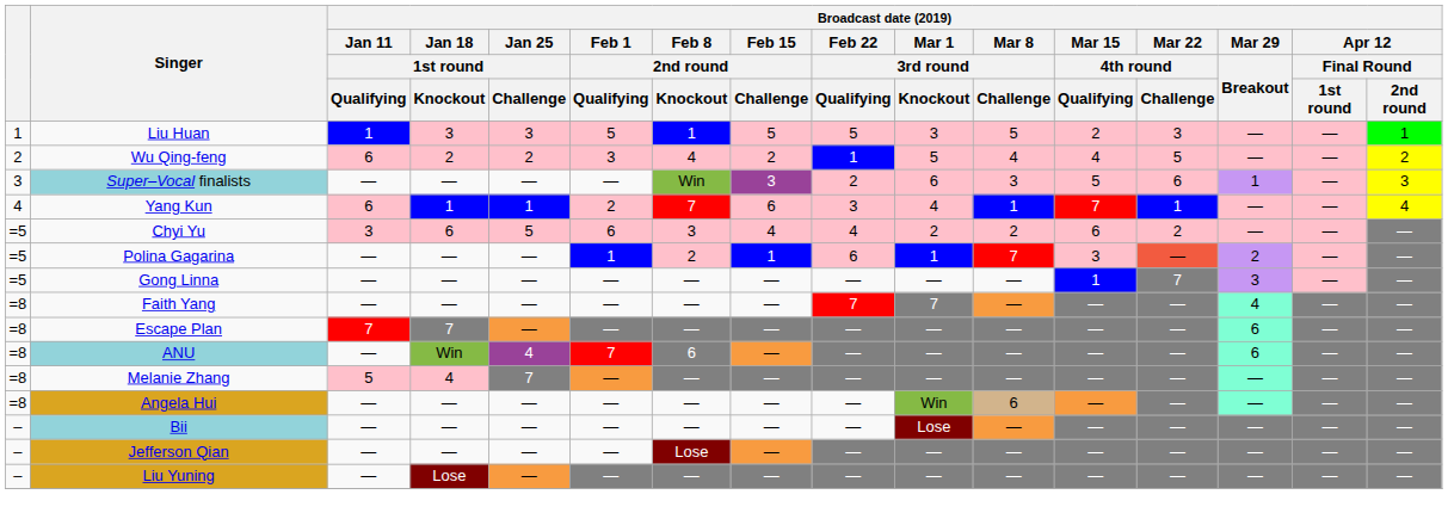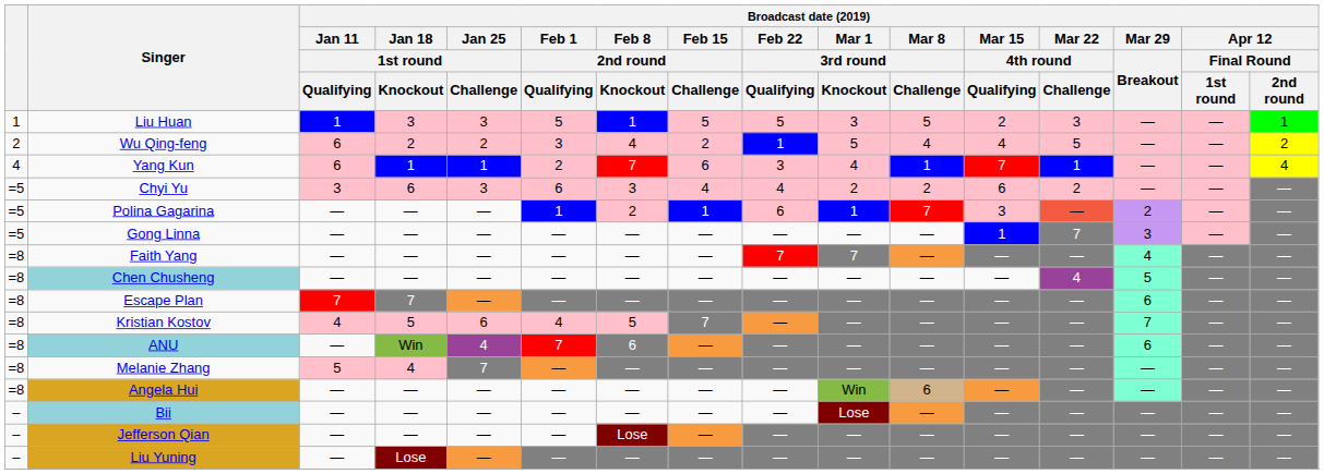 <table class="wikitable" style="text-align:center; font-size:100%">
 <tr>
 <th rowspan="4" width="2"></th>
 <th rowspan="4" width="300" class="unsortable">Singer</th>
 <th colspan="14"><small>Broadcast date (2019)</small></th>
 </tr>
 <tr>
 <th>Jan 11</th>
 <th>Jan 18</th>
 <th>Jan 25</th>
 <th>Feb 1</th>
 <th>Feb 8</th>
 <th>Feb 15</th>
 <th>Feb 22</th>
 <th>Mar 1</th>
 <th>Mar 8</th>
 <th>Mar 15</th>
 <th>Mar 22</th>
 <th>Mar 29</th>
 <th colspan="2">Apr 12</th>
 </tr>
 <tr>
 <th colspan="3">1st round</th>
 <th colspan="3">2nd round</th>
 <th colspan="3">3rd round</th>
 <th colspan="2">4th round</th>
 <th rowspan="2">Breakout</th>
 <th colspan="2">Final Round</th>
 </tr>
 <tr>
 <th width="70" data-sort-type="text">Qualifying</th>
 <th width="70" data-sort-type="text">Knockout</th>
 <th width="70" data-sort-type="text">Challenge</th>
 <th width="70" data-sort-type="text">Qualifying</th>
 <th width="70" data-sort-type="text">Knockout</th>
 <th width="70" data-sort-type="text">Challenge</th>
 <th width="70" data-sort-type="text">Qualifying</th>
 <th width="70" data-sort-type="text">Knockout</th>
 <th width="70" data-sort-type="text">Challenge</th>
 <th width="70" data-sort-type="text">Qualifying</th>
 <th width="70" data-sort-type="text">Challenge</th>
 <th width="70" data-sort-type="text">1st round</th>
 <th width="70" data-sort-type="text">2nd round</th>
 </tr>
 <tr>
 <td>1</td>
 <td><a href='#'>Liu Huan</a></td>
 <td style="background:blue;color:white">1</td>
 <td style="background:pink">3</td>
 <td style="background:pink">3</td>
 <td style="background:pink">5</td>
 <td style="background:blue;color:white">1</td>
 <td style="background:pink">5</td>
 <td style="background:pink">5</td>
 <td style="background:pink">3</td>
 <td style="background:pink">5</td>
 <td style="background:pink">2</td>
 <td style="background:pink">3</td>
 <td style="background:pink">—</td>
 <td style="background:pink">—</td>
 <td style="background:lime;">1 </td>
 </tr>
 <tr>
 <td>2</td>
 <td><a href='#'>Wu Qing-feng</a></td>
 <td style="background:pink">6</td>
 <td style="background:pink">2</td>
 <td style="background:pink">2</td>
 <td style="background:pink">3</td>
 <td style="background:pink">4</td>
 <td style="background:pink">2</td>
 <td style="background:blue; color:white">1</td>
 <td style="background:pink">5</td>
 <td style="background:pink">4</td>
 <td style="background:pink">4</td>
 <td style="background:pink">5</td>
 <td style="background:pink">—</td>
 <td style="background:pink">—</td>
 <td style="background:yellow;">2 </td>
 </tr>
 <tr>
-<td>3</td>
-<td style="background:#92D3DA"><em><a href='#'>Super–Vocal</a></em> finalists</td>
-<td>—</td>
-<td>—</td>
-<td>—</td>
-<td>—</td>
-<td style="background:#85BA45;">Win</td>
-<td style="background:#994299; color:white">3</td>
-<td style="background:pink">2</td>
-<td style="background:pink">6</td>
-<td style="background:pink">3</td>
-<td style="background:pink">5</td>
-<td style="background:pink">6</td>
-<td style="background:#C697F3">1</td>
-<td style="background:pink">—</td>
-<td style="background:yellow">3 </td>
-</tr>
-<tr>
 <td>4</td>
 <td><a href='#'>Yang Kun</a></td>
 <td style="background:pink">6</td>
 <td style="background:blue; color:white">1</td>
 <td style="background:blue; color:white">1</td>
 <td style="background:pink">2</td>
 <td style="background:red; color:white">7</td>
 <td style="background:pink">6</td>
 <td style="background:pink">3</td>
 <td style="background:pink">4</td>
 <td style="background:blue; color:white">1</td>
 <td style="background:red; color:white">7</td>
 <td style="background:blue; color:white">1</td>
 <td style="background:pink">—</td>
 <td style="background:pink">—</td>
 <td style="background:yellow">4</td>
 </tr>
 <tr>
 <td>=5</td>
 <td><a href='#'>Chyi Yu</a></td>
 <td style="background:pink">3</td>
 <td style="background:pink">6</td>
-<td style="background:pink">5</td>
+<td style="background:pink">3</td>
 <td style="background:pink">6</td>
 <td style="background:pink">3</td>
 <td style="background:pink">4</td>
 <td style="background:pink">4</td>
 <td style="background:pink">2</td>
 <td style="background:pink">2</td>
 <td style="background:pink">6</td>
 <td style="background:pink">2</td>
 <td style="background:pink">—</td>
 <td style="background:pink;">—</td>
 <td style="background:grey; color:white">—</td>
 </tr>
 <tr>
 <td>=5</td>
 <td><a href='#'>Polina Gagarina</a></td>
 <td>—</td>
 <td>—</td>
 <td>—</td>
 <td style="background:blue; color:white">1</td>
 <td style="background:pink">2</td>
 <td style="background:blue; color:white">1</td>
 <td style="background:pink">6</td>
 <td style="background:blue; color:white">1</td>
 <td style="background:red; color:white">7</td>
 <td style="background:pink">3</td>
 <td style="background:#F25B40;">— </td>
 <td style="background:#C697F3;">2</td>
 <td style="background:pink;">—</td>
 <td style="background:grey; color:white">—</td>
 </tr>
 <tr>
 <td>=5</td>
 <td><a href='#'>Gong Linna</a></td>
 <td>—</td>
 <td>—</td>
 <td>—</td>
 <td>—</td>
 <td>—</td>
 <td>—</td>
 <td>—</td>
 <td>—</td>
 <td>—</td>
 <td style="background:blue; color:white">1</td>
 <td style="background:grey; color:white">7</td>
 <td style="background:#C697F3;">3</td>
 <td style="background:pink;">—</td>
 <td style="background:grey; color:white">—</td>
 </tr>
 <tr>
 <td>=8</td>
 <td><a href='#'>Faith Yang</a></td>
 <td>—</td>
 <td>—</td>
 <td>—</td>
 <td>—</td>
 <td>—</td>
 <td>—</td>
 <td style="background:red; color:white">7</td>
 <td style="background:grey; color:white">7</td>
 <td style="background:#F89B40;">—</td>
 <td style="background:grey; color:white">—</td>
 <td style="background:grey; color:white">—</td>
 <td style="background:#7FFFD4;">4</td>
 <td style="background:grey; color:white">—</td>
 <td style="background:grey; color:white">—</td>
 </tr>
 <tr>
 <td>=8</td>
+<td style="background:#92D3DA"><a href='#'>Chen Chusheng</a></td>
+<td>—</td>
+<td>—</td>
+<td>—</td>
+<td>—</td>
+<td>—</td>
+<td>—</td>
+<td>—</td>
+<td>—</td>
+<td>—</td>
+<td>—</td>
+<td style="background:#994299; color:white">4</td>
+<td style="background:#7FFFD4">5</td>
+<td style="background:grey; color:white">—</td>
+<td style="background:grey; color:white">—</td>
+</tr>
+<tr>
+<td>=8</td>
 <td><a href='#'>Escape Plan</a></td>
 <td style="background:red; color:white">7</td>
 <td style="background:grey; color:white">7</td>
 <td style="background:#F89B40">—</td>
 <td style="background:grey; color:white">—</td>
 <td style="background:grey; color:white">—</td>
 <td style="background:grey; color:white">—</td>
 <td style="background:grey; color:white">—</td>
 <td style="background:grey; color:white">—</td>
 <td style="background:grey; color:white">—</td>
 <td style="background:grey; color:white">—</td>
 <td style="background:grey; color:white">—</td>
 <td style="background:#7FFFD4">6</td>
+<td style="background:grey; color:white">—</td>
+<td style="background:grey; color:white">—</td>
+</tr>
+<tr>
+<td>=8</td>
+<td><a href='#'>Kristian Kostov</a></td>
+<td style="background:pink">4</td>
+<td style="background:pink">5</td>
+<td style="background:pink">6</td>
+<td style="background:pink">4</td>
+<td style="background:pink">5</td>
+<td style="background:grey; color:white">7</td>
+<td style="background:#F89B40">—</td>
+<td style="background:grey; color:white">—</td>
+<td style="background:grey; color:white">—</td>
+<td style="background:grey; color:white">—</td>
+<td style="background:grey; color:white">—</td>
+<td style="background:#7FFFD4;">7</td>
 <td style="background:grey; color:white">—</td>
 <td style="background:grey; color:white">—</td>
 </tr>
 <tr>
 <td>=8</td>
 <td style="background:#92D3DA"><a href='#'>ANU</a></td>
 <td>—</td>
 <td style="background:#85BA45;">Win</td>
 <td style="background:#994299; color:white">4</td>
 <td style="background:red; color:white">7</td>
 <td style="background:grey; color:white">6</td>
 <td style="background:#F89B40">—</td>
 <td style="background:grey; color:white">—</td>
 <td style="background:grey; color:white">—</td>
 <td style="background:grey; color:white">—</td>
 <td style="background:grey; color:white">—</td>
 <td style="background:grey; color:white">—</td>
 <td style="background:#7FFFD4">6</td>
 <td style="background:grey; color:white">—</td>
 <td style="background:grey; color:white">—</td>
 </tr>
 <tr>
 <td>=8</td>
 <td><a href='#'>Melanie Zhang</a></td>
 <td style="background:pink">5</td>
 <td style="background:pink">4</td>
 <td style="background:grey; color:white">7</td>
 <td style="background:#F89B40">—</td>
 <td style="background:grey; color:white">—</td>
 <td style="background:grey; color:white">—</td>
 <td style="background:grey; color:white">—</td>
 <td style="background:grey; color:white">—</td>
 <td style="background:grey; color:white">—</td>
 <td style="background:grey; color:white">—</td>
 <td style="background:grey; color:white">—</td>
 <td style="background:#7FFFD4;">— </td>
 <td style="background:grey; color:white">—</td>
 <td style="background:grey; color:white">—</td>
 </tr>
 <tr>
 <td>=8</td>
 <td style="background:Goldenrod"><a href='#'>Angela Hui</a></td>
 <td>—</td>
 <td>—</td>
 <td>—</td>
 <td>—</td>
 <td>—</td>
 <td>—</td>
 <td>—</td>
 <td style="background:#85BA45;">Win</td>
 <td style="background:tan;">6</td>
 <td style="background:#F89B40">—</td>
 <td style="background:grey; color:white">—</td>
 <td style="background:#7FFFD4;">— </td>
 <td style="background:grey; color:white">—</td>
 <td style="background:grey; color:white">—</td>
 </tr>
 <tr>
 <td>–</td>
 <td style="background:#92D3DA"><a href='#'>Bii</a></td>
 <td>—</td>
 <td>—</td>
 <td>—</td>
 <td>—</td>
 <td>—</td>
 <td>—</td>
 <td>—</td>
 <td style="background:maroon; color:white">Lose</td>
 <td style="background:#F89B40; width">— </td>
 <td style="background:grey; color:white">—</td>
 <td style="background:grey; color:white">—</td>
 <td style="background:grey; color:white">—</td>
 <td style="background:grey; color:white">—</td>
 <td style="background:grey; color:white">—</td>
 </tr>
 <tr>
 <td>–</td>
 <td style="background:Goldenrod"><a href='#'>Jefferson Qian</a></td>
 <td>—</td>
 <td>—</td>
 <td>—</td>
 <td>—</td>
 <td style="background:maroon; color:white">Lose</td>
 <td style="background:#F89B40; width">— </td>
 <td style="background:grey; color:white">—</td>
 <td style="background:grey; color:white">—</td>
 <td style="background:grey; color:white">—</td>
 <td style="background:grey; color:white">—</td>
 <td style="background:grey; color:white">—</td>
 <td style="background:grey; color:white">—</td>
 <td style="background:grey; color:white">—</td>
 <td style="background:grey; color:white">—</td>
 </tr>
 <tr>
 <td>–</td>
 <td style="background:Goldenrod"><a href='#'>Liu Yuning</a></td>
 <td>—</td>
 <td style="background:maroon; color:white">Lose</td>
 <td style="background:#F89B40; width">— </td>
 <td style="background:grey; color:white">—</td>
 <td style="background:grey; color:white">—</td>
 <td style="background:grey; color:white">—</td>
 <td style="background:grey; color:white">—</td>
 <td style="background:grey; color:white">—</td>
 <td style="background:grey; color:white">—</td>
 <td style="background:grey; color:white">—</td>
 <td style="background:grey; color:white">—</td>
 <td style="background:grey; color:white">—</td>
 <td style="background:grey; color:white">—</td>
 <td style="background:grey; color:white">—</td>
 </tr>
 <tr>
 </tr>
 </table>
